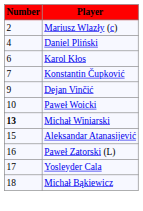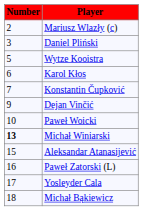 <table bgcolor="#f7f8ff" cellpadding="3" cellspacing="0" border="1" style="font-size: 95%; border: gray solid 1px; border-collapse: collapse;">
 <tr bgcolor="#ff0000">
 <td align=center><strong>Number</strong></td>
 <td align=center><strong>Player</strong></td>
 </tr>
 <tr align="left">
 <td>2</td>
 <td> <a href='#'>Mariusz Wlazły</a> (<a href='#'>c</a>)</td>
 </tr>
 <tr align=left>
-<td>4</td>
+<td>3</td>
 <td> <a href='#'>Daniel Pliński</a></td>
+</tr>
+<tr align="left">
+<td>5</td>
+<td> <a href='#'>Wytze Kooistra</a></td>
 </tr>
 <tr align="left">
 <td>6</td>
 <td> <a href='#'>Karol Kłos</a></td>
 </tr>
 <tr align="left">
 <td>7</td>
 <td> <a href='#'>Konstantin Čupković</a></td>
 </tr>
 <tr align="left">
 <td>9</td>
 <td> <a href='#'>Dejan Vinčić</a></td>
 </tr>
 <tr align="left">
 <td>10</td>
 <td> <a href='#'>Paweł Woicki</a></td>
 </tr>
 <tr align="left">
 <td><strong>13</strong></td>
 <td> <a href='#'>Michał Winiarski</a></td>
 </tr>
 <tr align="left">
 <td>15</td>
 <td> <a href='#'>Aleksandar Atanasijević</a></td>
 </tr>
 <tr align="left">
 <td>16</td>
 <td> <a href='#'>Paweł Zatorski</a> (L)</td>
 </tr>
 <tr align="left">
 <td>17</td>
 <td> <a href='#'>Yosleyder Cala</a></td>
 </tr>
 <tr align="left">
 <td>18</td>
 <td> <a href='#'>Michał Bąkiewicz</a></td>
 </tr>
 </table>
